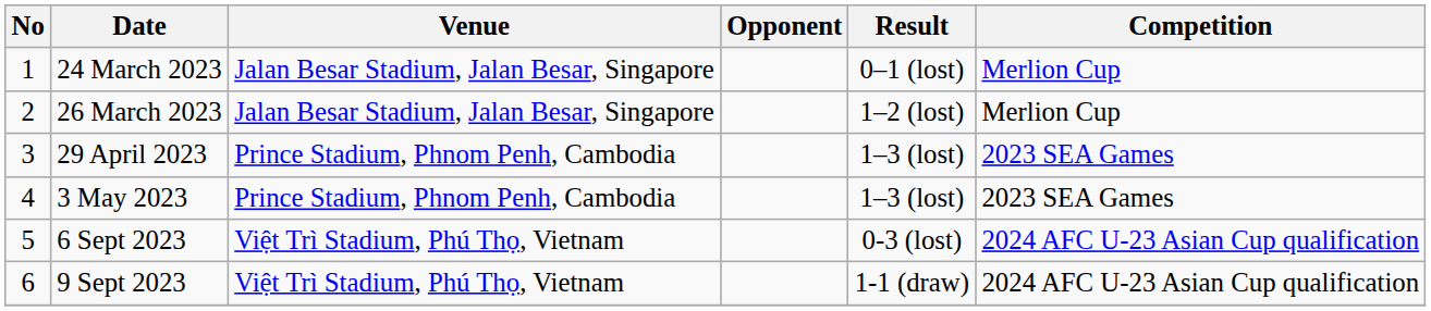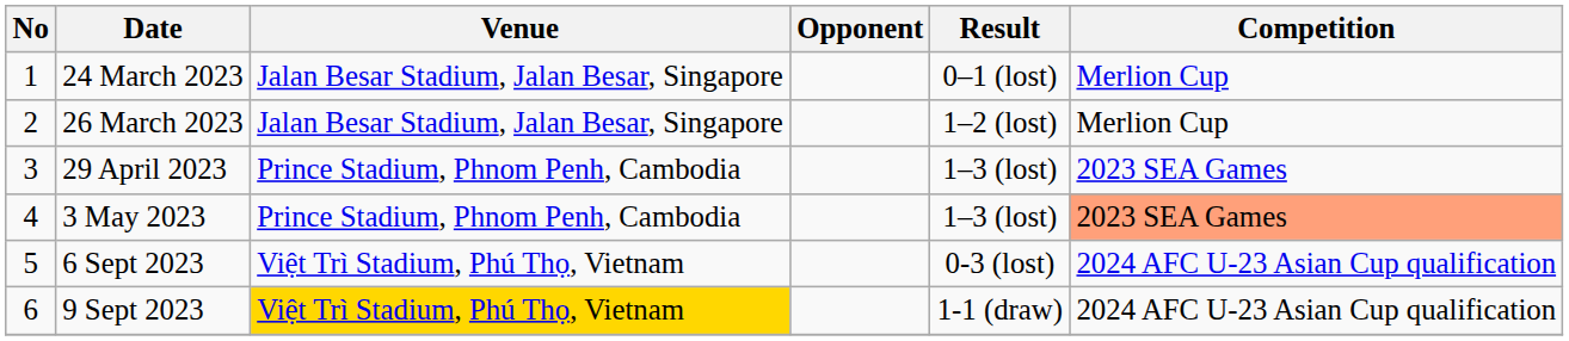 <table class="wikitable">
 <tr>
 <th>No</th>
 <th>Date</th>
 <th>Venue</th>
 <th>Opponent</th>
 <th>Result</th>
 <th>Competition</th>
 </tr>
 <tr>
 <td align=center>1</td>
 <td>24 March 2023</td>
 <td><a href='#'>Jalan Besar Stadium</a>, <a href='#'>Jalan Besar</a>, Singapore</td>
 <td></td>
 <td align=center>0–1 (lost)</td>
 <td><a href='#'>Merlion Cup</a></td>
 </tr>
 <tr>
 <td align=center>2</td>
 <td>26 March 2023</td>
 <td><a href='#'>Jalan Besar Stadium</a>, <a href='#'>Jalan Besar</a>, Singapore</td>
 <td></td>
 <td align=center>1–2 (lost)</td>
 <td>Merlion Cup</td>
 </tr>
 <tr>
 <td align=center>3</td>
 <td>29 April 2023</td>
 <td><a href='#'>Prince Stadium</a>, <a href='#'>Phnom Penh</a>, Cambodia</td>
 <td></td>
 <td align=center>1–3 (lost)</td>
 <td><a href='#'>2023 SEA Games</a></td>
 </tr>
 <tr>
 <td align=center>4</td>
 <td>3 May 2023</td>
 <td><a href='#'>Prince Stadium</a>, <a href='#'>Phnom Penh</a>, Cambodia</td>
 <td></td>
 <td align=center>1–3 (lost)</td>
-<td>2023 SEA Games</td>
+<td style="background: lightsalmon;">2023 SEA Games</td>
 </tr>
 <tr>
 <td align=center>5</td>
 <td>6 Sept 2023</td>
 <td><a href='#'>Việt Trì Stadium</a>, <a href='#'>Phú Thọ</a>, Vietnam</td>
 <td></td>
 <td align=center>0-3 (lost)</td>
 <td><a href='#'>2024 AFC U-23 Asian Cup qualification</a></td>
 </tr>
 <tr>
 <td align=center>6</td>
 <td>9 Sept 2023</td>
-<td><a href='#'>Việt Trì Stadium</a>, <a href='#'>Phú Thọ</a>, Vietnam</td>
+<td style="background: gold;"><a href='#'>Việt Trì Stadium</a>, <a href='#'>Phú Thọ</a>, Vietnam</td>
 <td></td>
 <td align=center>1-1 (draw)</td>
 <td>2024 AFC U-23 Asian Cup qualification</td>
 </tr>
 <tr>
 </tr>
 </table>
